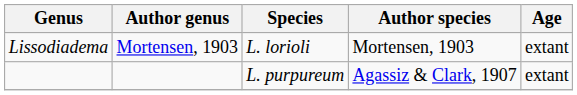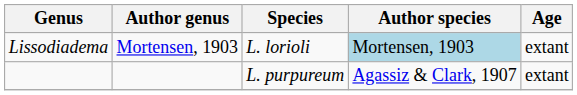 <table class="wikitable">
 <tr>
 <th colspan="1">Genus</th>
 <th colspan="1">Author genus</th>
 <th colspan="1">Species</th>
 <th colspan="1">Author species</th>
 <th colspan="1">Age</th>
 </tr>
 <tr>
 <td><em>Lissodiadema</em></td>
 <td><a href='#'>Mortensen</a>, 1903</td>
 <td><em>L. lorioli</em></td>
-<td>Mortensen, 1903</td>
+<td style="background: lightblue;">Mortensen, 1903</td>
 <td>extant</td>
 </tr>
 <tr>
 <td></td>
 <td></td>
 <td><em>L. purpureum</em></td>
 <td><a href='#'>Agassiz</a> & <a href='#'>Clark</a>, 1907</td>
 <td>extant</td>
 </tr>
 <tr>
 </tr>
 </table>
